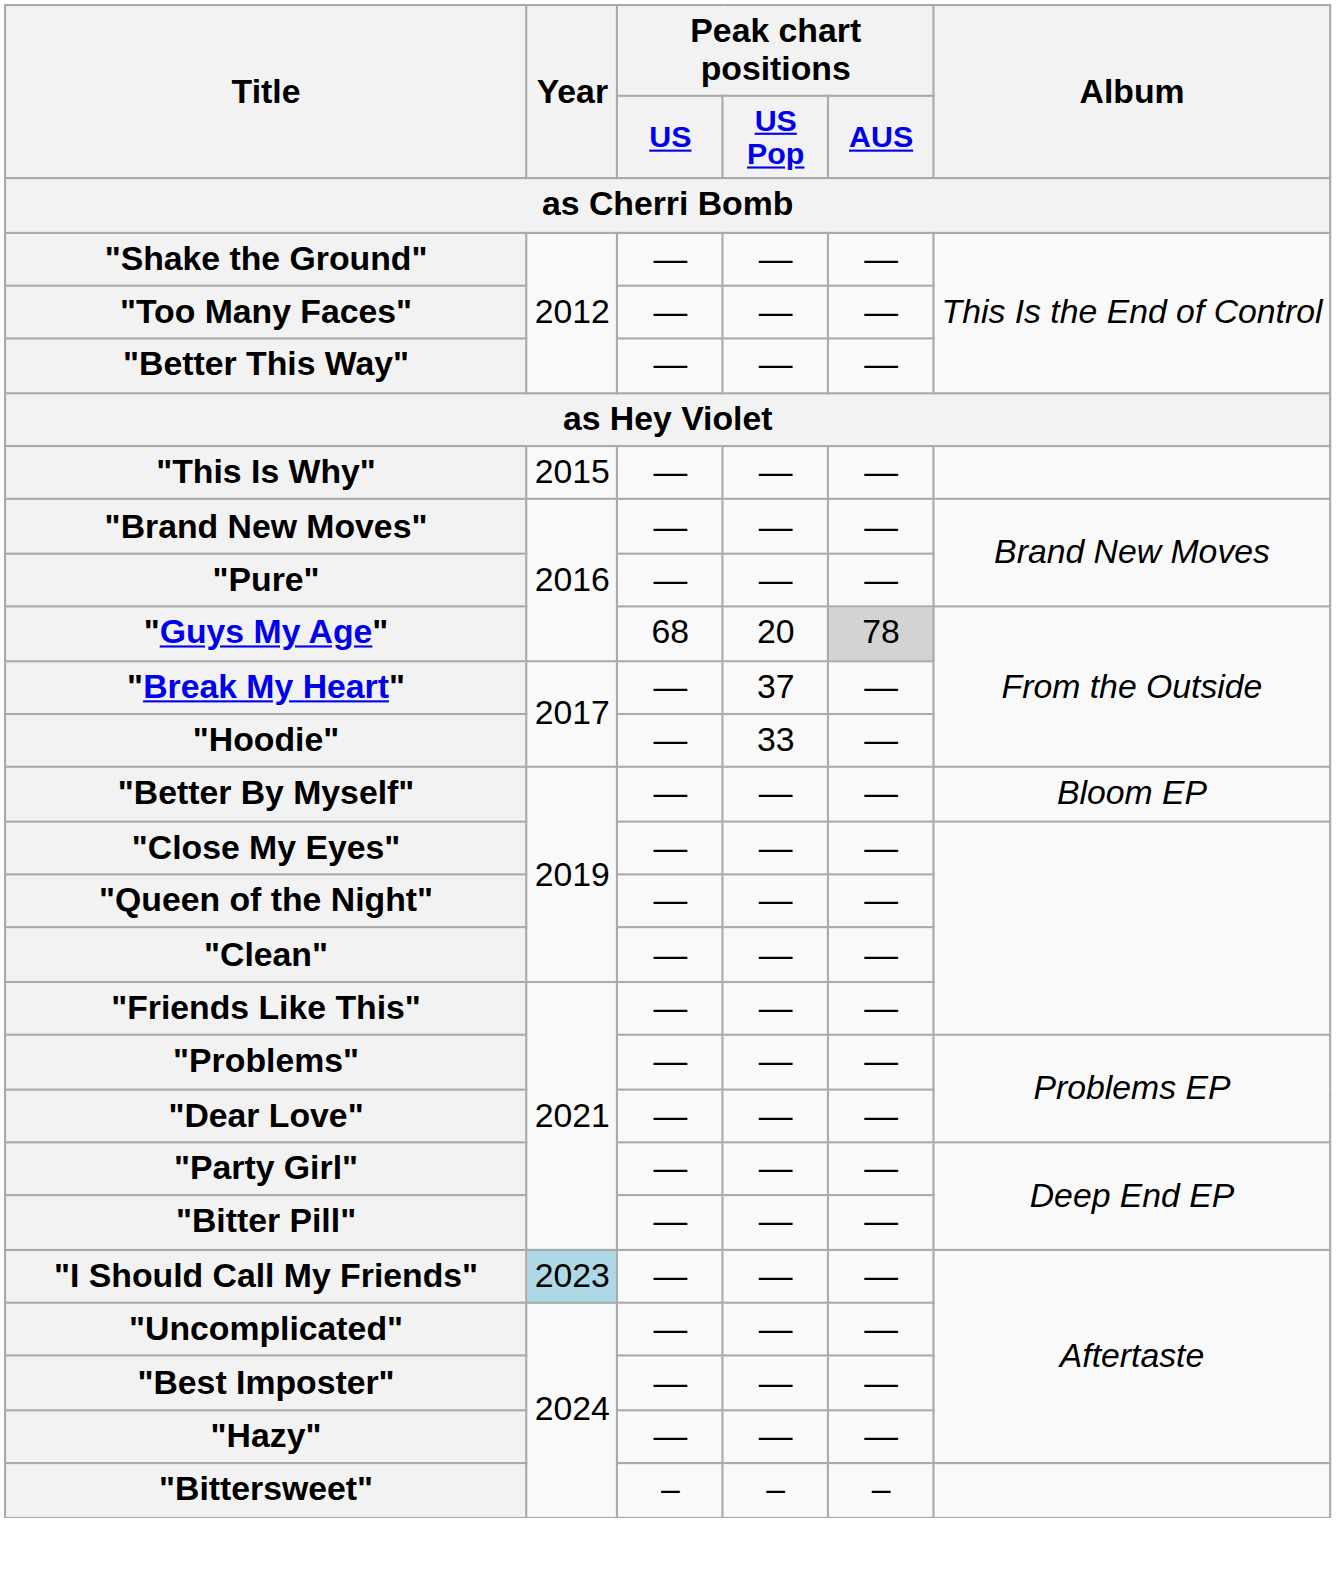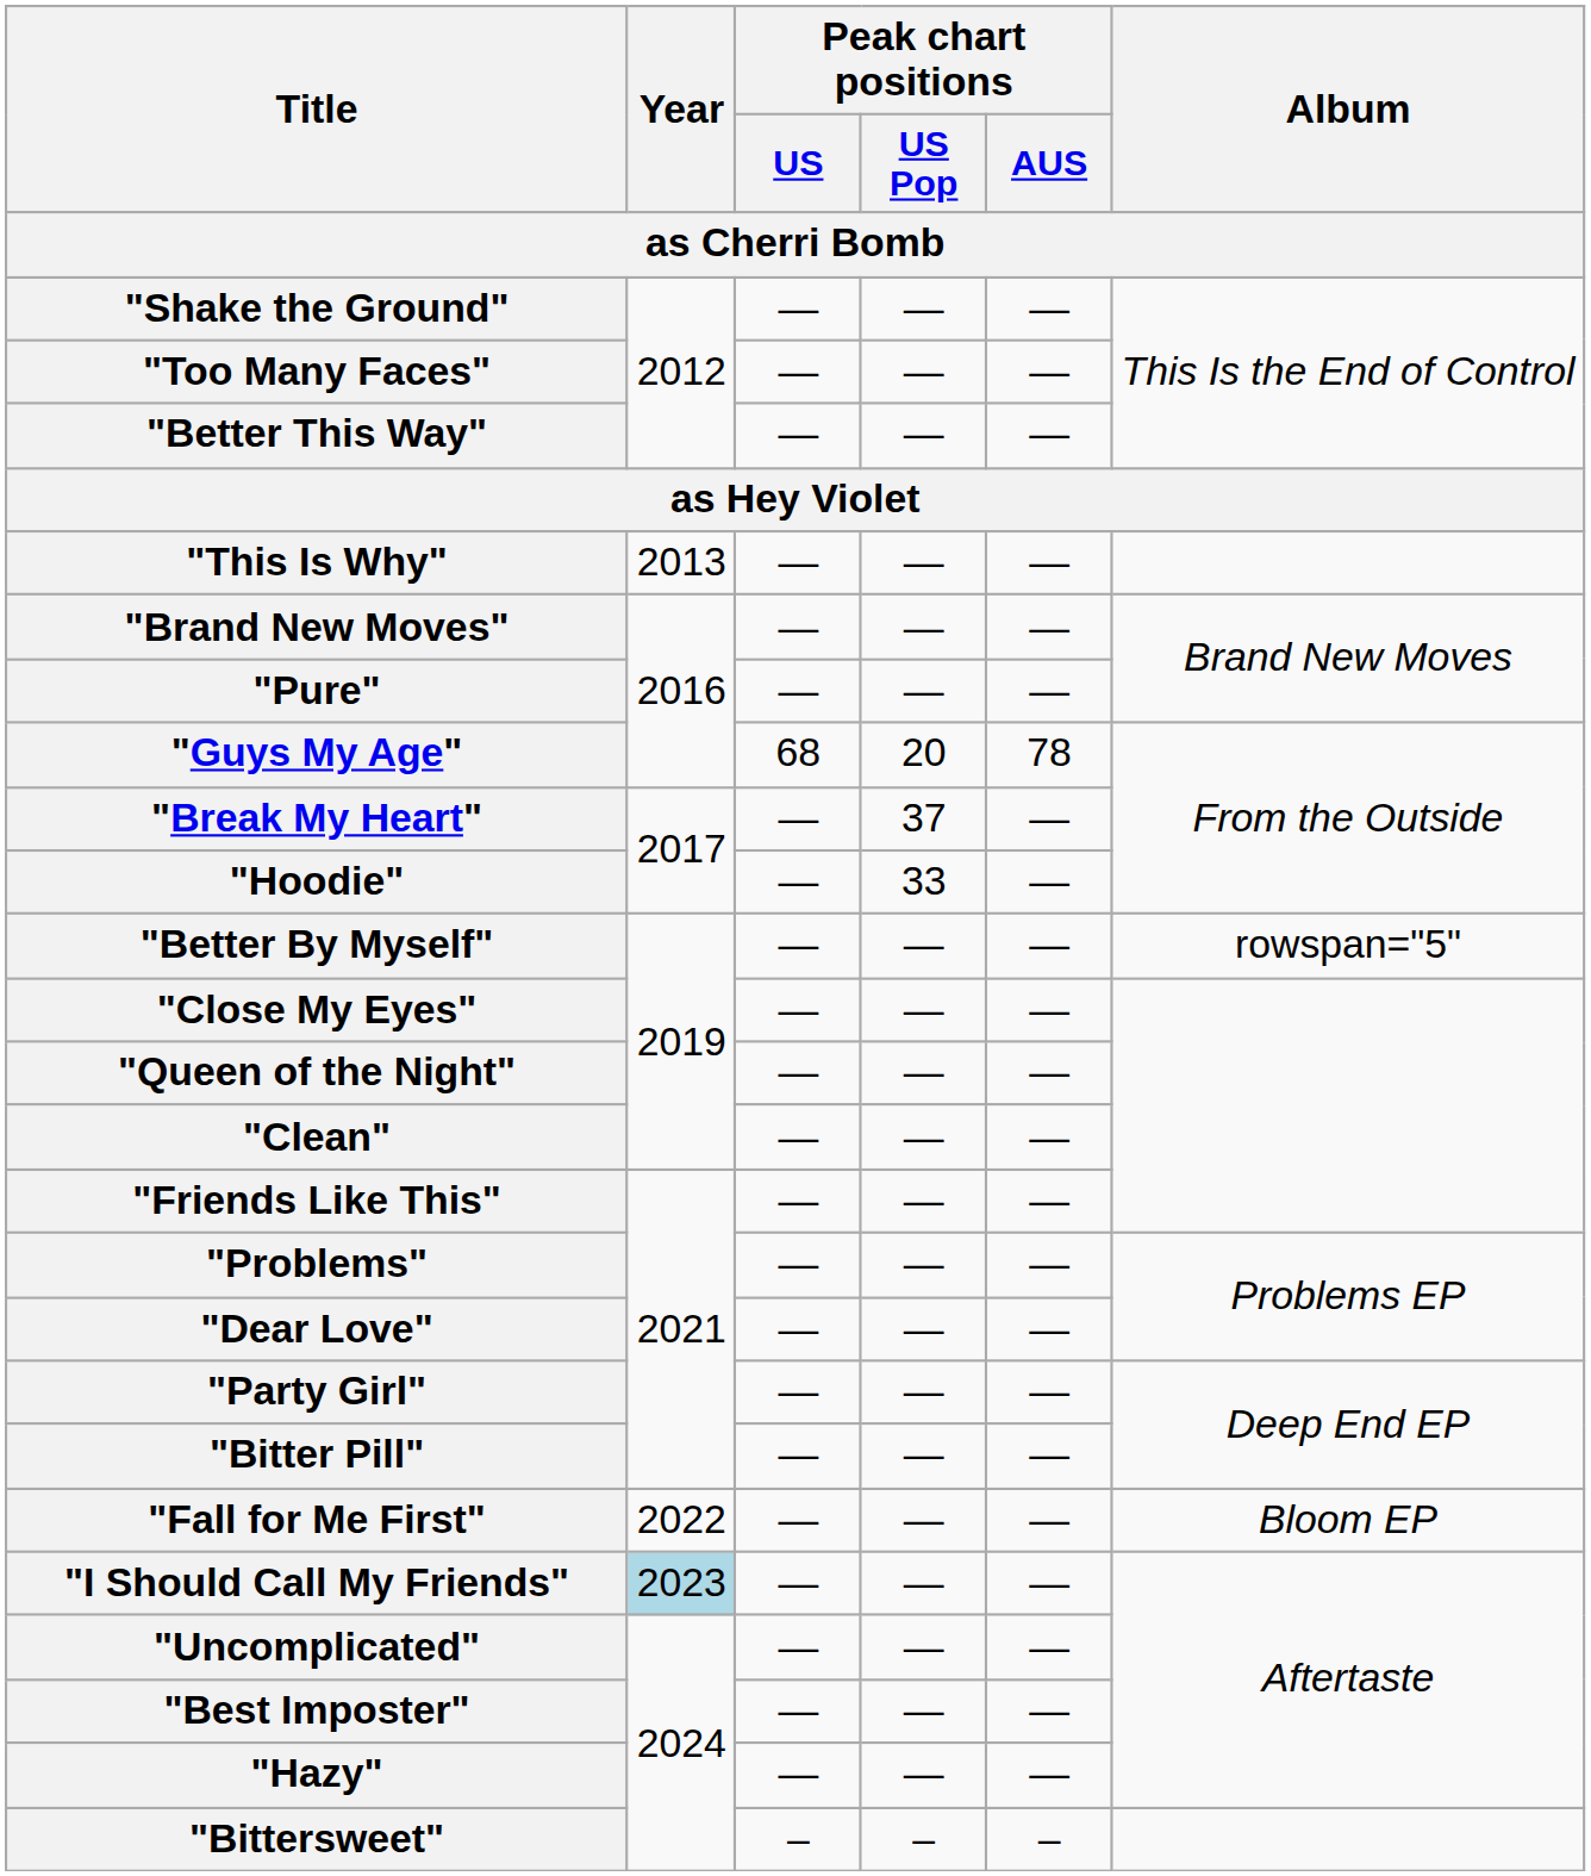 <table class="wikitable plainrowheaders" style="text-align:center;">
 <tr>
 <th scope="col" rowspan="2" style="width:15em;">Title</th>
 <th scope="col" rowspan="2" style="width:1em;">Year</th>
 <th scope="col" colspan="3">Peak chart positions</th>
 <th scope="col" rowspan="2">Album</th>
 </tr>
 <tr>
 <th scope="col" style="width:3em;font-size:90%;"><a href='#'>US</a><br></th>
 <th scope="col" style="width:3em;font-size:90%;"><a href='#'>US Pop</a><br></th>
 <th scope="col" style="width:3em;font-size:90%;"><a href='#'>AUS</a><br></th>
 </tr>
 <tr>
 <th colspan="6">as Cherri Bomb</th>
 </tr>
 <tr>
 <th scope="row">"Shake the Ground"</th>
 <td rowspan="3">2012</td>
 <td>—</td>
 <td>—</td>
 <td>—</td>
 <td rowspan="3"><em>This Is the End of Control</em></td>
 </tr>
 <tr>
 <th scope="row">"Too Many Faces"</th>
 <td>—</td>
 <td>—</td>
 <td>—</td>
 </tr>
 <tr>
 <th scope="row">"Better This Way"</th>
 <td>—</td>
 <td>—</td>
 <td>—</td>
 </tr>
 <tr>
 <th colspan="6">as Hey Violet</th>
 </tr>
 <tr>
 <th scope="row">"This Is Why"</th>
-<td>2015</td>
+<td>2013</td>
 <td>—</td>
 <td>—</td>
 <td>—</td>
 <td></td>
 </tr>
 <tr>
 <th scope="row">"Brand New Moves"</th>
 <td rowspan="3">2016</td>
 <td>—</td>
 <td>—</td>
 <td>—</td>
 <td rowspan="2"><em>Brand New Moves</em></td>
 </tr>
 <tr>
 <th scope="row">"Pure"</th>
 <td>—</td>
 <td>—</td>
 <td>—</td>
 </tr>
 <tr>
 <th scope="row">"<a href='#'>Guys My Age</a>"</th>
 <td>68</td>
 <td>20</td>
-<td style="background: lightgrey;">78</td>
+<td>78</td>
 <td rowspan="3"><em>From the Outside</em></td>
 </tr>
 <tr>
 <th scope="row">"<a href='#'>Break My Heart</a>"</th>
 <td rowspan="2">2017</td>
 <td>—</td>
 <td>37</td>
 <td>—</td>
 </tr>
 <tr>
 <th scope="row">"Hoodie"</th>
 <td>—</td>
 <td>33</td>
 <td>—</td>
 </tr>
 <tr>
 <th scope="row">"Better By Myself"</th>
 <td rowspan="4">2019</td>
 <td>—</td>
 <td>—</td>
 <td>—</td>
-<td><em>Bloom EP</em></td>
+<td>rowspan="5" </td>
 </tr>
 <tr>
 <th scope="row">"Close My Eyes"</th>
 <td>—</td>
 <td>—</td>
 <td>—</td>
 </tr>
 <tr>
 <th scope="row">"Queen of the Night"</th>
 <td>—</td>
 <td>—</td>
 <td>—</td>
 </tr>
 <tr>
 <th scope="row">"Clean"</th>
 <td>—</td>
 <td>—</td>
 <td>—</td>
 </tr>
 <tr>
 <th scope="row">"Friends Like This"</th>
 <td rowspan="5">2021</td>
 <td>—</td>
 <td>—</td>
 <td>—</td>
 </tr>
 <tr>
 <th scope="row">"Problems"</th>
 <td>—</td>
 <td>—</td>
 <td>—</td>
 <td rowspan="2"><em>Problems EP</em></td>
 </tr>
 <tr>
 <th scope="row">"Dear Love"</th>
 <td>—</td>
 <td>—</td>
 <td>—</td>
 </tr>
 <tr>
 <th scope="row">"Party Girl"</th>
 <td>—</td>
 <td>—</td>
 <td>—</td>
 <td rowspan="2"><em>Deep End EP</em></td>
 </tr>
 <tr>
 <th scope="row">"Bitter Pill"</th>
 <td>—</td>
 <td>—</td>
 <td>—</td>
 </tr>
 <tr>
+<th scope="row">"Fall for Me First"</th>
+<td>2022</td>
+<td>—</td>
+<td>—</td>
+<td>—</td>
+<td><em>Bloom EP</em></td>
+</tr>
+<tr>
 <th scope="row">"I Should Call My Friends"</th>
 <td style="background: lightblue;">2023</td>
 <td>—</td>
 <td>—</td>
 <td>—</td>
 <td rowspan="4"><em>Aftertaste</em></td>
 </tr>
 <tr>
 <th scope="row">"Uncomplicated"</th>
 <td rowspan="4">2024</td>
 <td>—</td>
 <td>—</td>
 <td>—</td>
 </tr>
 <tr>
 <th scope="row">"Best Imposter"</th>
 <td>—</td>
 <td>—</td>
 <td>—</td>
 </tr>
 <tr>
 <th scope="row">"Hazy"</th>
 <td>—</td>
 <td>—</td>
 <td>—</td>
 </tr>
 <tr>
 <th scope="row">"Bittersweet"</th>
 <td>–</td>
 <td>–</td>
 <td>–</td>
 <td></td>
 </tr>
 </table>
